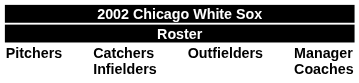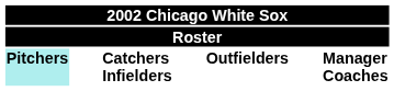 <table class="toccolours" style="font-size: 95%;">
 <tr>
 <th colspan="10" style="background-color: black; color: #FFFFFF; text-align: center;">2002 Chicago White Sox</th>
 </tr>
 <tr>
 <td colspan="10" style="background-color:black; color: white; text-align: center;"><strong>Roster</strong></td>
 </tr>
 <tr>
-<td valign="top"><strong>Pitchers</strong><br>               </td>
+<td valign="top" style="background: paleturquoise;"><strong>Pitchers</strong><br>               </td>
 <td width="25px"></td>
 <td valign="top"><strong>Catchers</strong><br>    <strong>Infielders</strong>          </td>
 <td width="25px"></td>
 <td valign="top"><strong>Outfielders</strong><br>    </td>
 <td width="25px"></td>
 <td valign="top"><strong>Manager</strong><br> <strong>Coaches</strong>          </td>
 </tr>
 </table>
